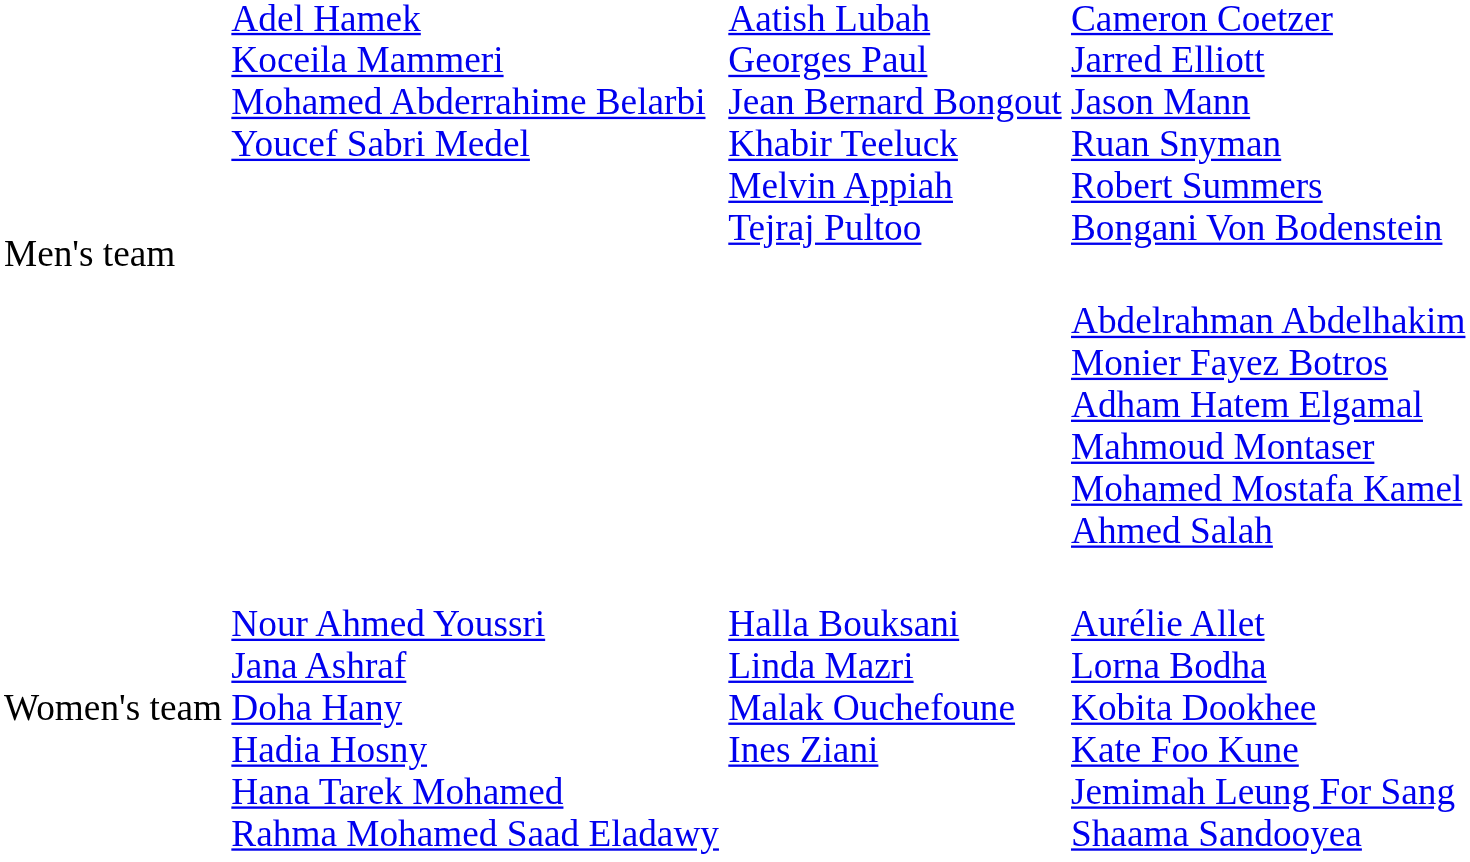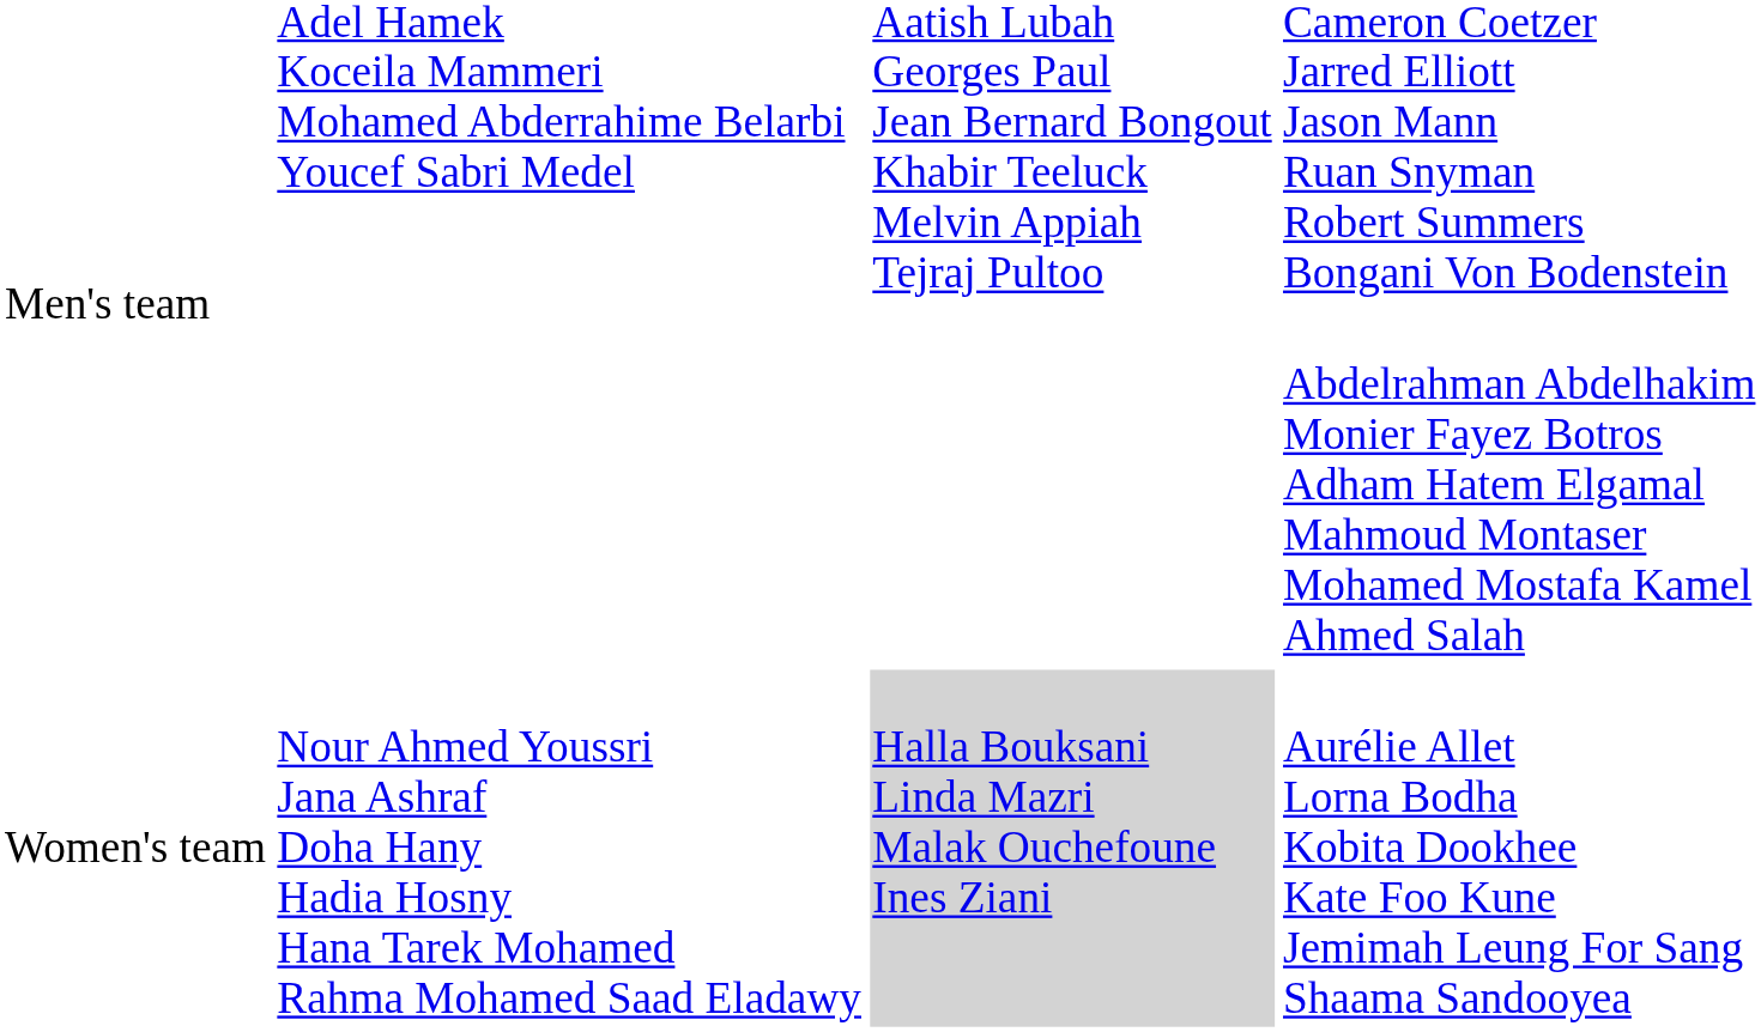 <table>
 <tr>
 <td rowspan=2;align="left">Men's team</td>
 <td rowspan=2;align="left" valign="top"><br><a href='#'>Adel Hamek</a><br><a href='#'>Koceila Mammeri</a><br><a href='#'>Mohamed Abderrahime Belarbi</a><br><a href='#'>Youcef Sabri Medel</a></td>
 <td rowspan=2;align="left" valign="top"><br><a href='#'>Aatish Lubah</a><br><a href='#'>Georges Paul</a><br><a href='#'>Jean Bernard Bongout</a><br><a href='#'>Khabir Teeluck</a><br><a href='#'>Melvin Appiah</a><br><a href='#'>Tejraj Pultoo</a></td>
 <td align="left"><br><a href='#'>Cameron Coetzer</a><br><a href='#'>Jarred Elliott</a><br><a href='#'>Jason Mann</a><br><a href='#'>Ruan Snyman</a><br><a href='#'>Robert Summers</a><br><a href='#'>Bongani Von Bodenstein</a></td>
 </tr>
 <tr>
 <td align="left"><br><a href='#'>Abdelrahman Abdelhakim</a><br><a href='#'>Monier Fayez Botros</a><br><a href='#'>Adham Hatem Elgamal</a><br><a href='#'>Mahmoud Montaser</a><br><a href='#'>Mohamed Mostafa Kamel</a><br><a href='#'>Ahmed Salah</a></td>
 </tr>
 <tr>
 <td align="left">Women's team</td>
 <td align="left" valign="top"><br><a href='#'>Nour Ahmed Youssri</a><br><a href='#'>Jana Ashraf</a><br><a href='#'>Doha Hany</a><br><a href='#'>Hadia Hosny</a><br><a href='#'>Hana Tarek Mohamed</a><br><a href='#'>Rahma Mohamed Saad Eladawy</a></td>
-<td align="left" valign="top"><br><a href='#'>Halla Bouksani</a><br><a href='#'>Linda Mazri</a><br><a href='#'>Malak Ouchefoune</a><br><a href='#'>Ines Ziani</a></td>
+<td align="left" valign="top" style="background: lightgrey;"><br><a href='#'>Halla Bouksani</a><br><a href='#'>Linda Mazri</a><br><a href='#'>Malak Ouchefoune</a><br><a href='#'>Ines Ziani</a></td>
 <td align="left" valign="top"><br><a href='#'>Aurélie Allet</a><br><a href='#'>Lorna Bodha</a><br><a href='#'>Kobita Dookhee</a><br><a href='#'>Kate Foo Kune</a><br><a href='#'>Jemimah Leung For Sang</a><br><a href='#'>Shaama Sandooyea</a></td>
 </tr>
 </table>
